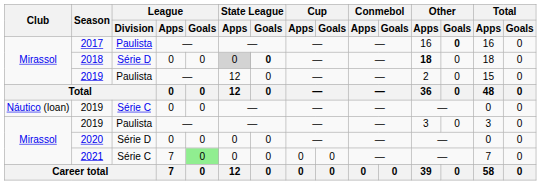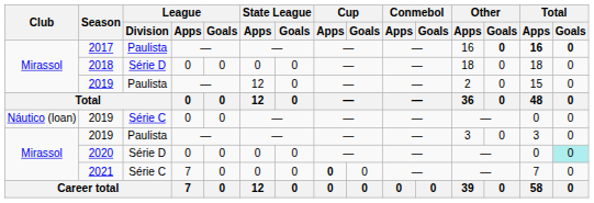 <table class="wikitable" style="text-align: center;">
 <tr>
 <th rowspan="2">Club</th>
 <th rowspan="2">Season</th>
 <th colspan="3">League</th>
 <th colspan="2">State League</th>
 <th colspan="2">Cup</th>
 <th colspan="2">Conmebol</th>
 <th colspan="2">Other</th>
 <th colspan="2">Total</th>
 </tr>
 <tr>
 <th>Division</th>
 <th>Apps</th>
 <th>Goals</th>
 <th>Apps</th>
 <th>Goals</th>
 <th>Apps</th>
 <th>Goals</th>
 <th>Apps</th>
 <th>Goals</th>
 <th>Apps</th>
 <th>Goals</th>
 <th>Apps</th>
 <th>Goals</th>
 </tr>
 <tr>
 <td rowspan="3" valign="center"><a href='#'>Mirassol</a></td>
 <td><a href='#'>2017</a></td>
 <td><a href='#'>Paulista</a></td>
 <td colspan="2">—</td>
 <td colspan="2">—</td>
 <td colspan="2">—</td>
 <td colspan="2">—</td>
 <td>16</td>
 <td><strong>0</strong></td>
-<td>16</td>
-<td>0</td>
+<td><strong>16</strong></td>
+<td><strong>0</strong></td>
 </tr>
 <tr>
 <td><a href='#'>2018</a></td>
 <td><a href='#'>Série D</a></td>
 <td>0</td>
 <td>0</td>
-<td style="background: lightgrey;">0</td>
-<td><strong>0</strong></td>
+<td>0</td>
+<td>0</td>
 <td colspan="2">—</td>
 <td colspan="2">—</td>
-<td><strong>18</strong></td>
+<td>18</td>
 <td>0</td>
 <td>18</td>
 <td>0</td>
 </tr>
 <tr>
 <td><a href='#'>2019</a></td>
 <td>Paulista</td>
 <td colspan="2">—</td>
 <td>12</td>
 <td>0</td>
 <td colspan="2">—</td>
 <td colspan="2">—</td>
 <td>2</td>
 <td>0</td>
 <td>15</td>
 <td>0</td>
 </tr>
 <tr>
 <th colspan="3">Total</th>
 <th>0</th>
 <th>0</th>
 <th>12</th>
 <th>0</th>
 <th colspan="2">—</th>
 <th colspan="2">—</th>
 <th>36</th>
 <th>0</th>
 <th>48</th>
 <th>0</th>
 </tr>
 <tr>
 <td valign="center"><a href='#'>Náutico</a> (loan)</td>
 <td>2019</td>
 <td><a href='#'>Série C</a></td>
 <td>0</td>
 <td>0</td>
 <td colspan="2">—</td>
 <td colspan="2">—</td>
 <td colspan="2">—</td>
 <td colspan="2">—</td>
 <td>0</td>
 <td>0</td>
 </tr>
 <tr>
 <td rowspan="3" valign="center"><a href='#'>Mirassol</a></td>
 <td>2019</td>
 <td>Paulista</td>
 <td colspan="2">—</td>
 <td colspan="2">—</td>
 <td colspan="2">—</td>
 <td colspan="2">—</td>
 <td>3</td>
 <td>0</td>
 <td>3</td>
 <td>0</td>
 </tr>
 <tr>
 <td><a href='#'>2020</a></td>
 <td>Série D</td>
 <td>0</td>
 <td>0</td>
 <td>0</td>
 <td>0</td>
 <td colspan="2">—</td>
 <td colspan="2">—</td>
 <td colspan="2">—</td>
 <td>0</td>
-<td>0</td>
+<td style="background: paleturquoise;">0</td>
 </tr>
 <tr>
 <td><a href='#'>2021</a></td>
 <td>Série C</td>
 <td>7</td>
-<td style="background: lightgreen;">0</td>
 <td>0</td>
 <td>0</td>
 <td>0</td>
+<td><strong>0</strong></td>
 <td>0</td>
 <td colspan="2">—</td>
 <td colspan="2">—</td>
 <td>7</td>
 <td>0</td>
 </tr>
 <tr>
 <th colspan="3"><strong>Career total</strong></th>
 <th>7</th>
 <th>0</th>
 <th>12</th>
 <th>0</th>
 <th>0</th>
 <th>0</th>
 <th>0</th>
 <th>0</th>
 <th>39</th>
 <th>0</th>
 <th>58</th>
 <th>0</th>
 </tr>
 </table>
